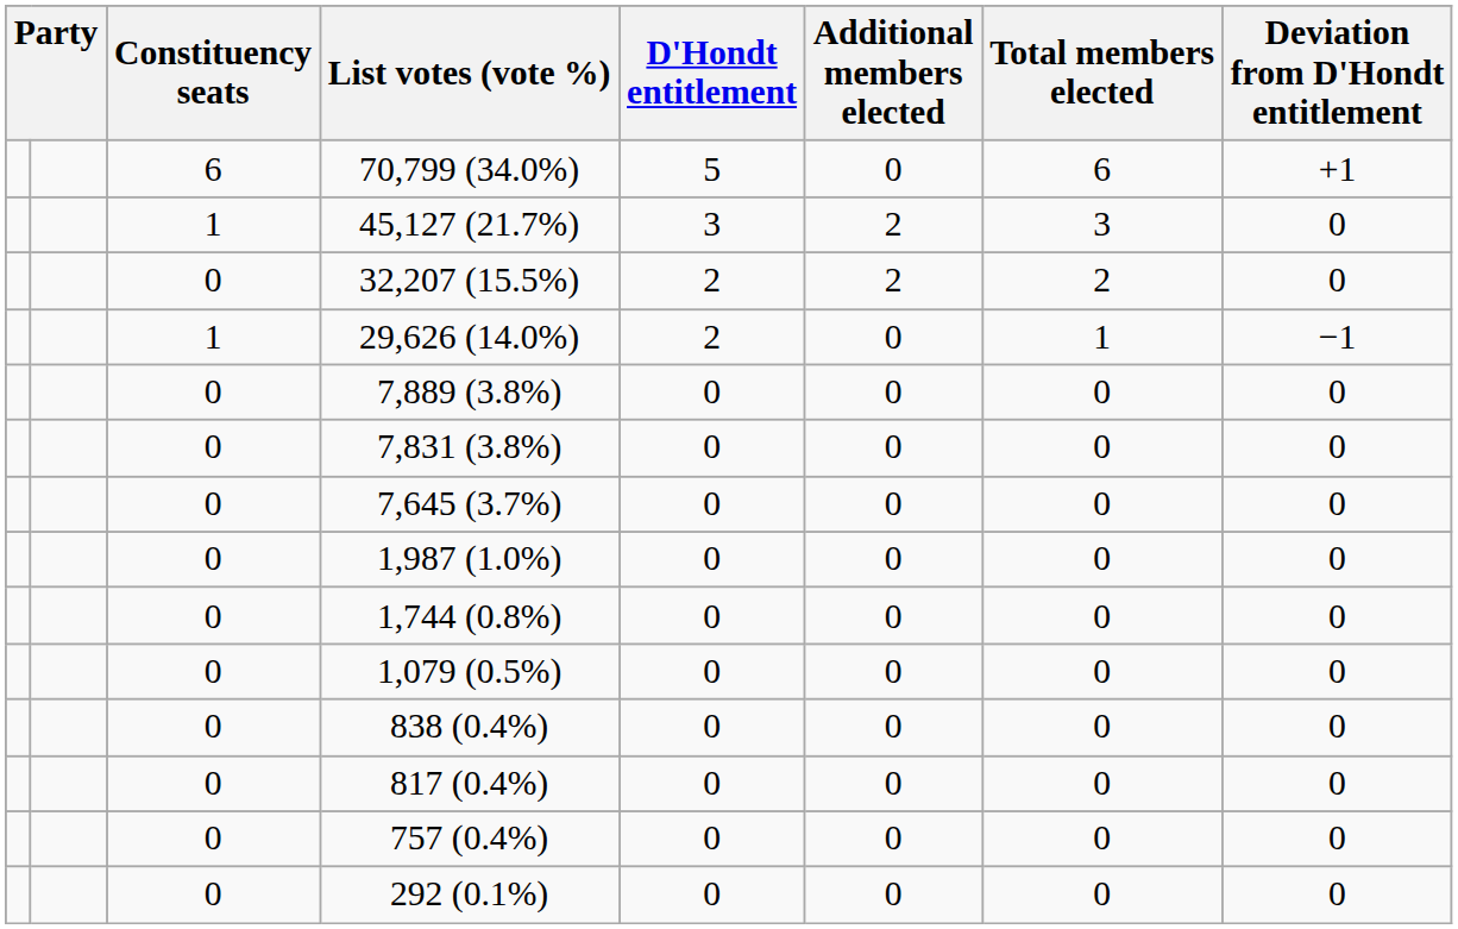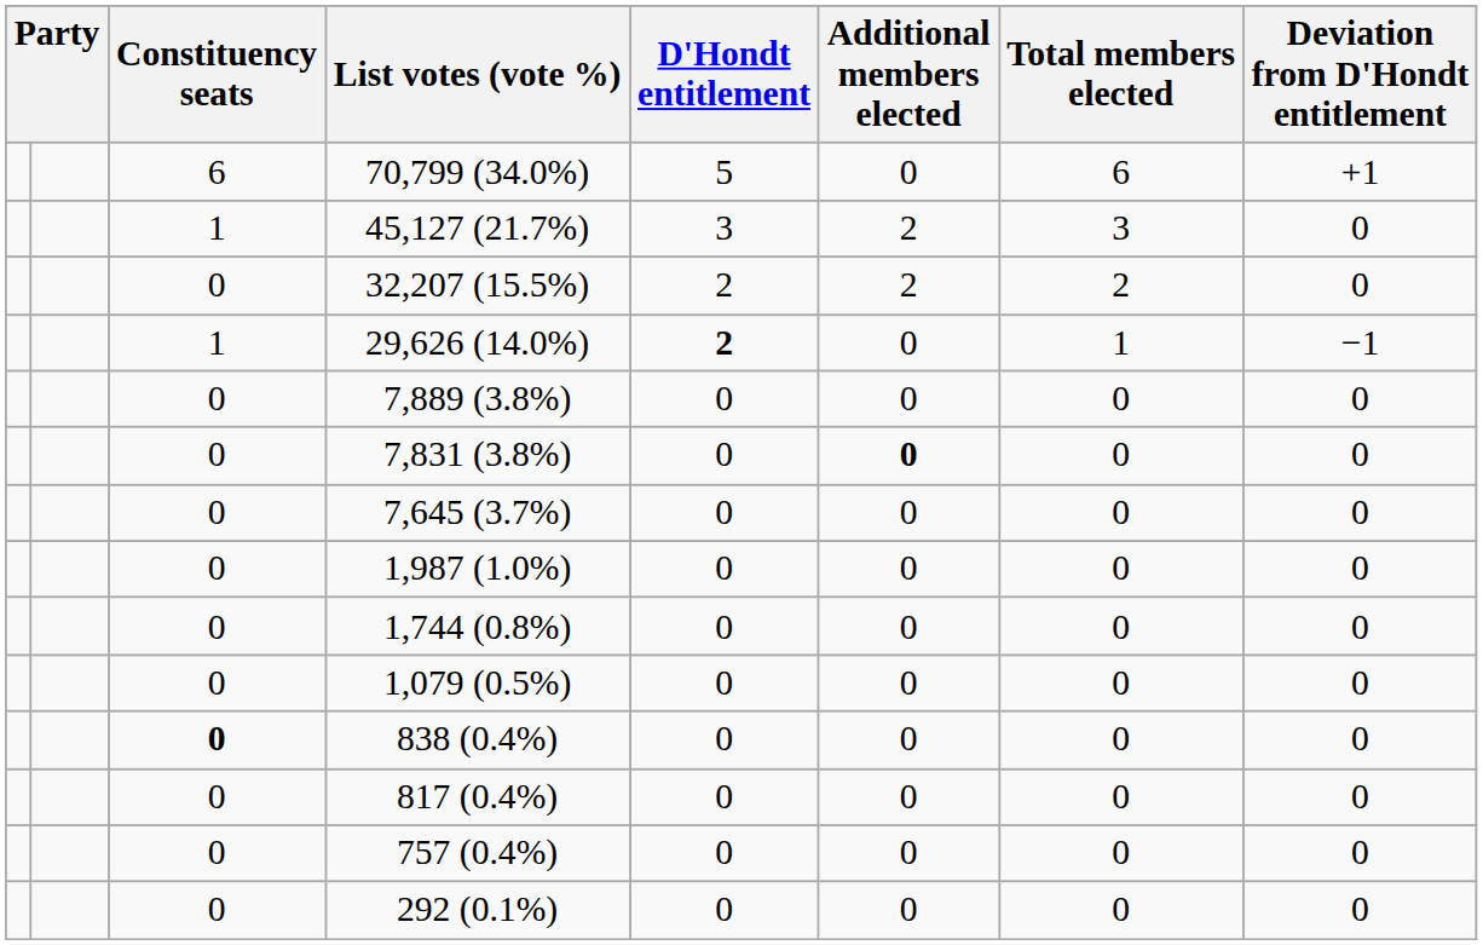 <table class="wikitable" style="text-align:center">
 <tr>
 <th colspan="2"  style="text-align:center; vertical-align:top;">Party</th>
 <th>Constituency<br>seats</th>
 <th>List votes (vote %)</th>
 <th><a href='#'>D'Hondt<br>entitlement</a></th>
 <th>Additional<br>members<br>elected</th>
 <th>Total members<br>elected</th>
 <th>Deviation<br>from D'Hondt<br>entitlement</th>
 </tr>
 <tr>
 <td style="width: 4px" bgcolor=></td>
 <td style="text-align: left;" scope="row"><strong><a href='#'></a></strong></td>
 <td>6</td>
 <td>70,799  (34.0%)</td>
 <td>5</td>
 <td>0</td>
 <td>6</td>
 <td>+1</td>
 </tr>
 <tr>
 <td style="width: 4px" bgcolor=></td>
 <td style="text-align: left;" scope="row"><strong><a href='#'></a></strong></td>
 <td>1</td>
 <td>45,127  (21.7%)</td>
 <td>3</td>
 <td>2</td>
 <td>3</td>
 <td>0</td>
 </tr>
 <tr>
 <td style="color:inherit;background-color:"></td>
 <td style="text-align: left;" scope="row"><strong><a href='#'></a></strong></td>
 <td>0</td>
 <td>32,207  (15.5%)</td>
 <td>2</td>
 <td>2</td>
 <td>2</td>
 <td>0</td>
 </tr>
 <tr>
 <td style="width: 4px" bgcolor=></td>
 <td style="text-align: left;" scope="row"><strong><a href='#'></a></strong></td>
 <td>1</td>
 <td>29,626  (14.0%)</td>
-<td>2</td>
+<td><strong>2</strong></td>
 <td>0</td>
 <td>1</td>
 <td>−1</td>
 </tr>
 <tr>
 <td style="width: 4px" bgcolor=></td>
 <td style="text-align: left;" scope="row"><strong><a href='#'></a></strong></td>
 <td>0</td>
 <td>7,889  (3.8%)</td>
 <td>0</td>
 <td>0</td>
 <td>0</td>
 <td>0</td>
 </tr>
 <tr>
 <td style="width: 4px" bgcolor=></td>
 <td style="text-align: left;" scope="row"><strong><a href='#'></a></strong></td>
 <td>0</td>
 <td>7,831  (3.8%)</td>
 <td>0</td>
-<td>0</td>
+<td><strong>0</strong></td>
 <td>0</td>
 <td>0</td>
 </tr>
 <tr>
 <td style="width: 4px" bgcolor=></td>
 <td style="text-align: left;" scope="row"><strong><a href='#'></a></strong></td>
 <td>0</td>
 <td>7,645  (3.7%)</td>
 <td>0</td>
 <td>0</td>
 <td>0</td>
 <td>0</td>
 </tr>
 <tr>
 <td style="width: 4px" bgcolor=></td>
 <td style="text-align: left;" scope="row"><strong><a href='#'></a></strong></td>
 <td>0</td>
 <td>1,987 (1.0%)</td>
 <td>0</td>
 <td>0</td>
 <td>0</td>
 <td>0</td>
 </tr>
 <tr>
 <td style="width: 4px" bgcolor=></td>
 <td style="text-align: left;" scope="row"><strong><a href='#'></a></strong></td>
 <td>0</td>
 <td>1,744 (0.8%)</td>
 <td>0</td>
 <td>0</td>
 <td>0</td>
 <td>0</td>
 </tr>
 <tr>
 <td style="width: 4px" bgcolor=></td>
 <td style="text-align: left;" scope="row"><strong><a href='#'></a></strong></td>
 <td>0</td>
 <td>1,079 (0.5%)</td>
 <td>0</td>
 <td>0</td>
 <td>0</td>
 <td>0</td>
 </tr>
 <tr>
 <td style="width: 4px" bgcolor=></td>
 <td style="text-align: left;" scope="row"><strong><a href='#'></a></strong></td>
-<td>0</td>
+<td><strong>0</strong></td>
 <td>838 (0.4%)</td>
 <td>0</td>
 <td>0</td>
 <td>0</td>
 <td>0</td>
 </tr>
 <tr>
 <td style="width: 4px" bgcolor=></td>
 <td style="text-align: left;" scope="row"><strong><a href='#'></a></strong></td>
 <td>0</td>
 <td>817 (0.4%)</td>
 <td>0</td>
 <td>0</td>
 <td>0</td>
 <td>0</td>
 </tr>
 <tr>
 <td style="width: 4px" bgcolor=></td>
 <td style="text-align: left;" scope="row"><strong><a href='#'></a></strong></td>
 <td>0</td>
 <td>757 (0.4%)</td>
 <td>0</td>
 <td>0</td>
 <td>0</td>
 <td>0</td>
 </tr>
 <tr>
 <td style="width: 4px" bgcolor=></td>
 <td style="text-align: left;" scope="row"><strong><a href='#'></a></strong></td>
 <td>0</td>
 <td>292 (0.1%)</td>
 <td>0</td>
 <td>0</td>
 <td>0</td>
 <td>0</td>
 </tr>
 </table>
